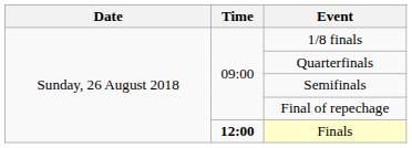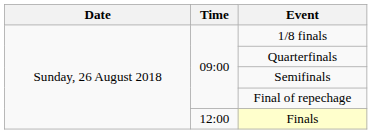 <table class = "wikitable" style="text-align:center;">
 <tr>
 <th width=220>Date</th>
 <th width=50>Time</th>
 <th width=150>Event</th>
 </tr>
 <tr>
 <td rowspan=5>Sunday, 26 August 2018</td>
 <td rowspan=4>09:00</td>
 <td>1/8 finals</td>
 </tr>
 <tr>
 <td>Quarterfinals</td>
 </tr>
 <tr>
 <td>Semifinals</td>
 </tr>
 <tr>
 <td>Final of repechage</td>
 </tr>
 <tr>
-<td><strong>12:00</strong></td>
+<td>12:00</td>
 <td bgcolor=ffffcc>Finals</td>
 </tr>
 </table>
